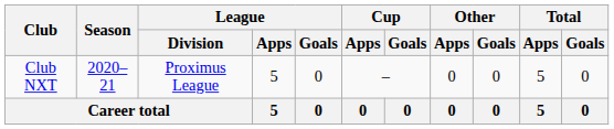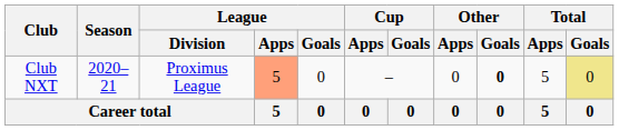 <table class="wikitable" style="text-align: center">
 <tr>
 <th rowspan="2">Club</th>
 <th rowspan="2">Season</th>
 <th colspan="3">League</th>
 <th colspan="2">Cup</th>
 <th colspan="2">Other</th>
 <th colspan="2">Total</th>
 </tr>
 <tr>
 <th>Division</th>
 <th>Apps</th>
 <th>Goals</th>
 <th>Apps</th>
 <th>Goals</th>
 <th>Apps</th>
 <th>Goals</th>
 <th>Apps</th>
 <th>Goals</th>
 </tr>
 <tr>
 <td><a href='#'>Club NXT</a></td>
 <td><a href='#'>2020–21</a></td>
 <td><a href='#'>Proximus League</a></td>
-<td>5</td>
+<td style="background: lightsalmon;">5</td>
 <td>0</td>
 <td colspan="2">–</td>
 <td>0</td>
-<td>0</td>
+<td><strong>0</strong></td>
 <td>5</td>
-<td>0</td>
+<td style="background: khaki;">0</td>
 </tr>
 <tr>
 <th colspan=3>Career total</th>
 <th>5</th>
 <th>0</th>
 <th>0</th>
 <th>0</th>
 <th>0</th>
 <th>0</th>
 <th>5</th>
 <th>0</th>
 </tr>
 </table>
